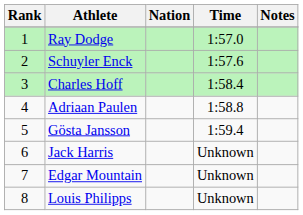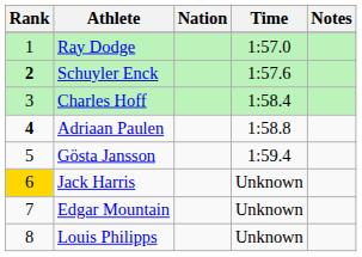 <table class="wikitable sortable" style="text-align:center">
 <tr>
 <th>Rank</th>
 <th>Athlete</th>
 <th>Nation</th>
 <th>Time</th>
 <th>Notes</th>
 </tr>
 <tr>
 </tr>
 <tr bgcolor=bbf3bb>
 <td>1</td>
 <td align=left><a href='#'>Ray Dodge</a></td>
 <td align=left></td>
 <td>1:57.0</td>
 <td></td>
 </tr>
 <tr bgcolor=bbf3bb>
-<td>2</td>
+<td><strong>2</strong></td>
 <td align=left><a href='#'>Schuyler Enck</a></td>
 <td align=left></td>
 <td>1:57.6</td>
 <td></td>
 </tr>
 <tr bgcolor=bbf3bb>
 <td>3</td>
 <td align=left><a href='#'>Charles Hoff</a></td>
 <td align=left></td>
 <td>1:58.4</td>
 <td></td>
 </tr>
 <tr>
-<td>4</td>
+<td><strong>4</strong></td>
 <td align=left><a href='#'>Adriaan Paulen</a></td>
 <td align=left></td>
 <td>1:58.8</td>
 <td></td>
 </tr>
 <tr>
 <td>5</td>
 <td align=left><a href='#'>Gösta Jansson</a></td>
 <td align=left></td>
 <td>1:59.4</td>
 <td></td>
 </tr>
 <tr>
-<td>6</td>
+<td style="background: gold;">6</td>
 <td align=left><a href='#'>Jack Harris</a></td>
 <td align=left></td>
 <td data-sort-value=2:00.0>Unknown</td>
 <td></td>
 </tr>
 <tr>
 <td>7</td>
 <td align=left><a href='#'>Edgar Mountain</a></td>
 <td align=left></td>
 <td data-sort-value=3:00.0>Unknown</td>
 <td></td>
 </tr>
 <tr>
 <td>8</td>
 <td align=left><a href='#'>Louis Philipps</a></td>
 <td align=left></td>
 <td data-sort-value=4:00.0>Unknown</td>
 <td></td>
 </tr>
 </table>
